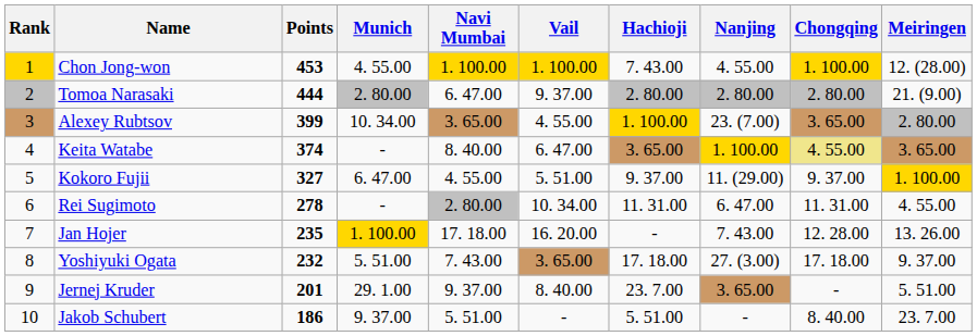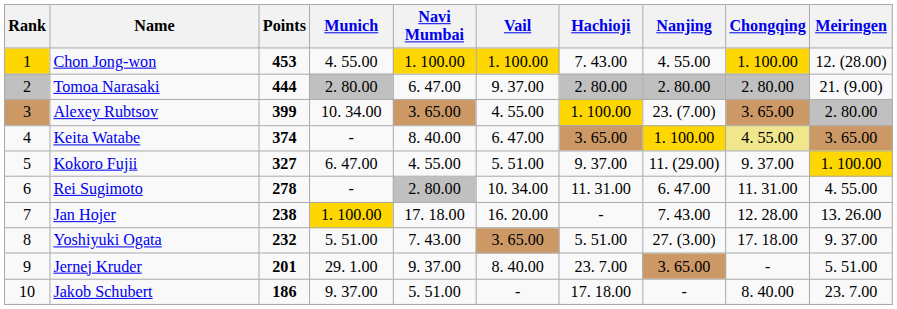 <table class="wikitable sortable">
 <tr>
 <th>Rank</th>
 <th width = "200">Name</th>
 <th>Points</th>
 <th width = "75" data-sort-type="number"><a href='#'>Munich</a></th>
 <th width = "75" data-sort-type="number"><a href='#'>Navi Mumbai</a></th>
 <th width = "75" data-sort-type="number"><a href='#'>Vail</a></th>
 <th width = "75" data-sort-type="number"><a href='#'>Hachioji</a></th>
 <th width = "75" data-sort-type="number"><a href='#'>Nanjing</a></th>
 <th width = "75" data-sort-type="number"><a href='#'>Chongqing</a></th>
 <th width = "75" data-sort-type="number"><a href='#'>Meiringen</a></th>
 </tr>
 <tr>
 <td align="center" style="background: gold">1</td>
 <td> <a href='#'>Chon Jong-won</a></td>
 <td align="center"><strong>453</strong></td>
 <td align="center">4. 55.00</td>
 <td align="center" style="background: gold">1. 100.00</td>
 <td align="center" style="background: gold">1. 100.00</td>
 <td align="center">7. 43.00</td>
 <td align="center">4. 55.00</td>
 <td align="center" style="background: gold">1. 100.00</td>
 <td align="center">12. (28.00)</td>
 </tr>
 <tr>
 <td align="center" style="background: silver">2</td>
 <td> <a href='#'>Tomoa Narasaki</a></td>
 <td align="center"><strong>444</strong></td>
 <td align="center" style="background: silver">2. 80.00</td>
 <td align="center">6. 47.00</td>
 <td align="center">9. 37.00</td>
 <td align="center" style="background: silver">2. 80.00</td>
 <td align="center" style="background: silver">2. 80.00</td>
 <td align="center" style="background: silver">2. 80.00</td>
 <td align="center">21. (9.00)</td>
 </tr>
 <tr>
 <td align="center" style="background: #cc9966">3</td>
 <td> <a href='#'>Alexey Rubtsov</a></td>
 <td align="center"><strong>399</strong></td>
 <td align="center">10. 34.00</td>
 <td align="center" style="background: #cc9966">3. 65.00</td>
 <td align="center">4. 55.00</td>
 <td align="center" style="background: gold">1. 100.00</td>
 <td align="center">23. (7.00)</td>
 <td align="center" style="background: #cc9966">3. 65.00</td>
 <td align="center" style="background: silver">2. 80.00</td>
 </tr>
 <tr>
 <td align="center">4</td>
 <td> <a href='#'>Keita Watabe</a></td>
 <td align="center"><strong>374</strong></td>
 <td align="center">-</td>
 <td align="center">8. 40.00</td>
 <td align="center">6. 47.00</td>
 <td align="center" style="background: #cc9966">3. 65.00</td>
 <td align="center" style="background: gold">1. 100.00</td>
 <td align="center" style="background: khaki;">4. 55.00</td>
 <td align="center" style="background: #cc9966">3. 65.00</td>
 </tr>
 <tr>
 <td align="center">5</td>
 <td> <a href='#'>Kokoro Fujii</a></td>
 <td align="center"><strong>327</strong></td>
 <td align="center">6. 47.00</td>
 <td align="center">4. 55.00</td>
 <td align="center">5. 51.00</td>
 <td align="center">9. 37.00</td>
 <td align="center">11. (29.00)</td>
 <td align="center">9. 37.00</td>
 <td align="center" style="background: gold">1. 100.00</td>
 </tr>
 <tr>
 <td align="center">6</td>
 <td> <a href='#'>Rei Sugimoto</a></td>
 <td align="center"><strong>278</strong></td>
 <td align="center">-</td>
 <td align="center" style="background: silver">2. 80.00</td>
 <td align="center">10. 34.00</td>
 <td align="center">11. 31.00</td>
 <td align="center">6. 47.00</td>
 <td align="center">11. 31.00</td>
 <td align="center">4. 55.00</td>
 </tr>
 <tr>
 <td align="center">7</td>
 <td> <a href='#'>Jan Hojer</a></td>
-<td align="center"><strong>235</strong></td>
+<td align="center"><strong>238</strong></td>
 <td align="center" style="background: gold">1. 100.00</td>
 <td align="center">17. 18.00</td>
 <td align="center">16. 20.00</td>
 <td align="center">-</td>
 <td align="center">7. 43.00</td>
 <td align="center">12. 28.00</td>
 <td align="center">13. 26.00</td>
 </tr>
 <tr>
 <td align="center">8</td>
 <td> <a href='#'>Yoshiyuki Ogata</a></td>
 <td align="center"><strong>232</strong></td>
 <td align="center">5. 51.00</td>
 <td align="center">7. 43.00</td>
 <td align="center" style="background: #cc9966">3. 65.00</td>
-<td align="center">17. 18.00</td>
+<td align="center">5. 51.00</td>
 <td align="center">27. (3.00)</td>
 <td align="center">17. 18.00</td>
 <td align="center">9. 37.00</td>
 </tr>
 <tr>
 <td align="center">9</td>
 <td> <a href='#'>Jernej Kruder</a></td>
 <td align="center"><strong>201</strong></td>
 <td align="center">29. 1.00</td>
 <td align="center">9. 37.00</td>
 <td align="center">8. 40.00</td>
 <td align="center">23. 7.00</td>
 <td align="center" style="background: #cc9966">3. 65.00</td>
 <td align="center">-</td>
 <td align="center">5. 51.00</td>
 </tr>
 <tr>
 <td align="center">10</td>
 <td> <a href='#'>Jakob Schubert</a></td>
 <td align="center"><strong>186</strong></td>
 <td align="center">9. 37.00</td>
 <td align="center">5. 51.00</td>
 <td align="center">-</td>
-<td align="center">5. 51.00</td>
+<td align="center">17. 18.00</td>
 <td align="center">-</td>
 <td align="center">8. 40.00</td>
 <td align="center">23. 7.00</td>
 </tr>
 <tr>
 </tr>
 </table>
